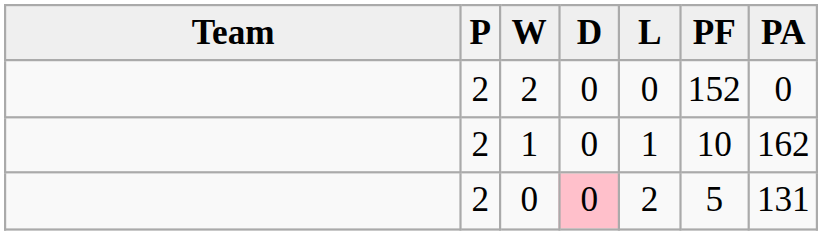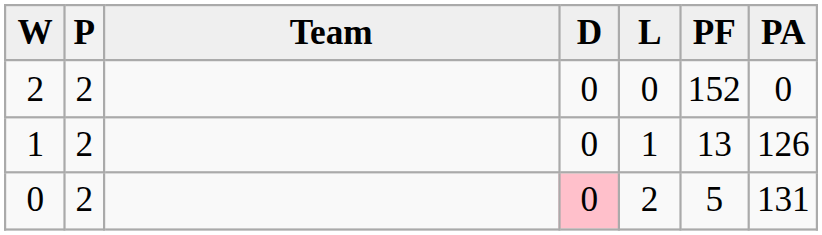 <table class="wikitable">
 <tr>
+<th style="background:#efefef; width:20px;">W</th>
+<th>P</th>
 <th style="background:#efefef; width:200px;">Team</th>
-<th>P</th>
-<th style="background:#efefef; width:20px;">W</th>
 <th style="background:#efefef; width:20px;">D</th>
 <th style="background:#efefef; width:20px;">L</th>
 <th style="background:#efefef; width:20px;">PF</th>
 <th style="background:#efefef; width:20px;">PA</th>
 </tr>
 <tr align="center">
-<td align="left"></td>
 <td>2</td>
 <td>2</td>
+<td align="left"></td>
 <td>0</td>
 <td>0</td>
 <td>152</td>
 <td>0</td>
 </tr>
 <tr align="center">
+<td>1</td>
+<td>2</td>
 <td align="left"></td>
-<td>2</td>
-<td>1</td>
 <td>0</td>
 <td>1</td>
-<td>10</td>
-<td>162</td>
+<td>13</td>
+<td>126</td>
 </tr>
 <tr align="center">
+<td>0</td>
+<td>2</td>
 <td align="left"></td>
-<td>2</td>
-<td>0</td>
 <td style="background: pink;">0</td>
 <td>2</td>
 <td>5</td>
 <td>131</td>
 </tr>
 </table>
